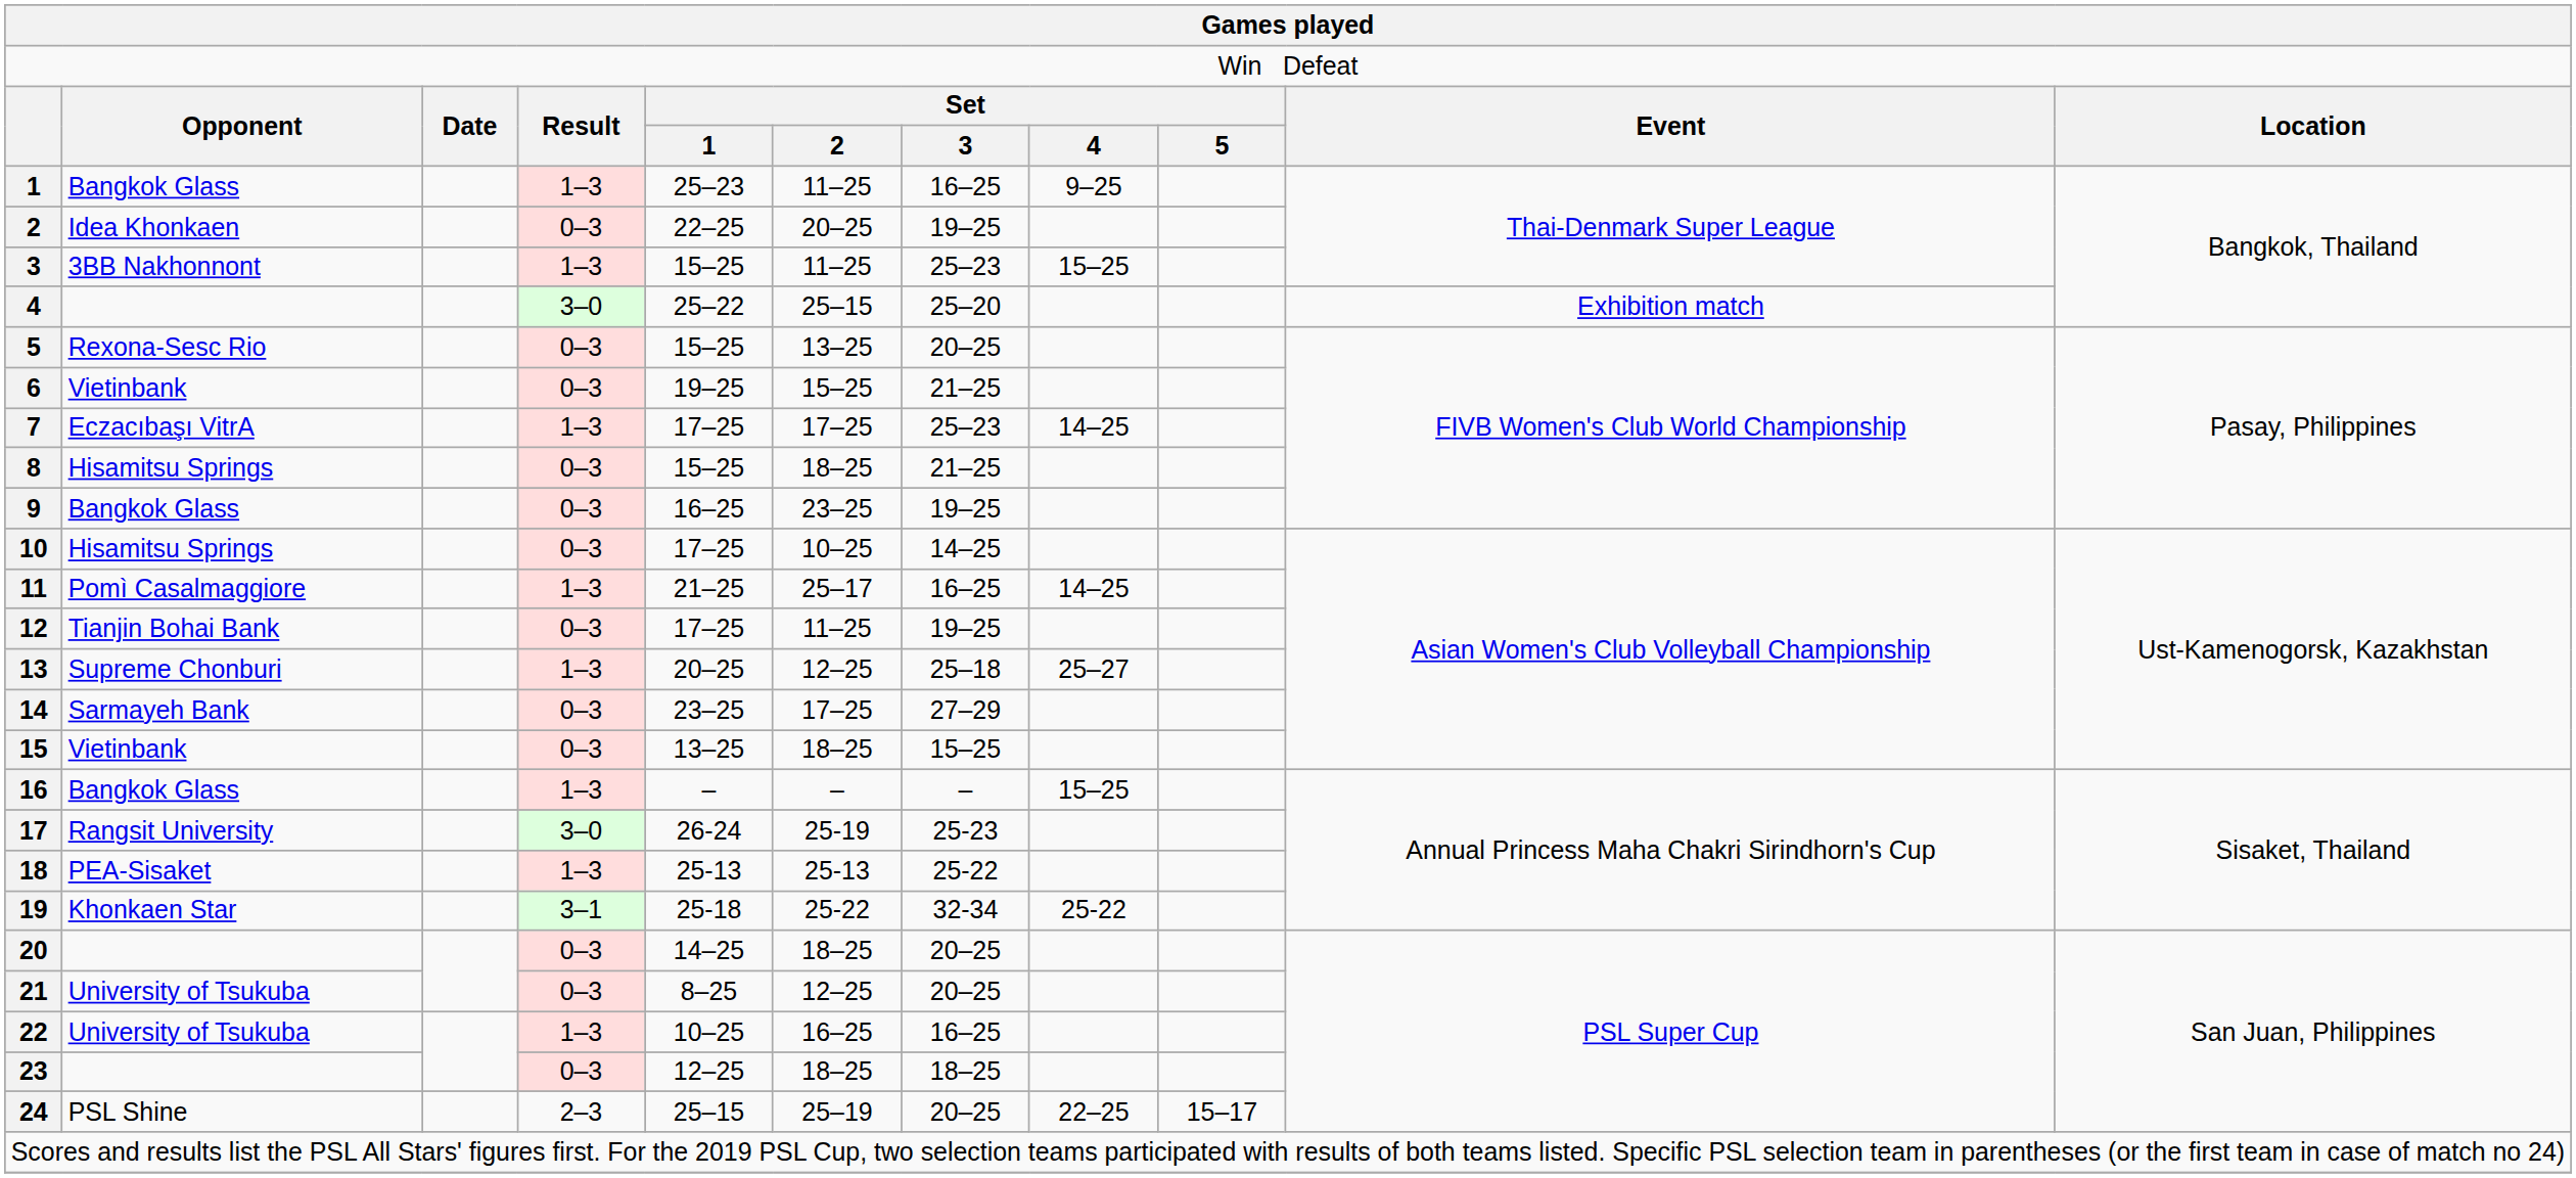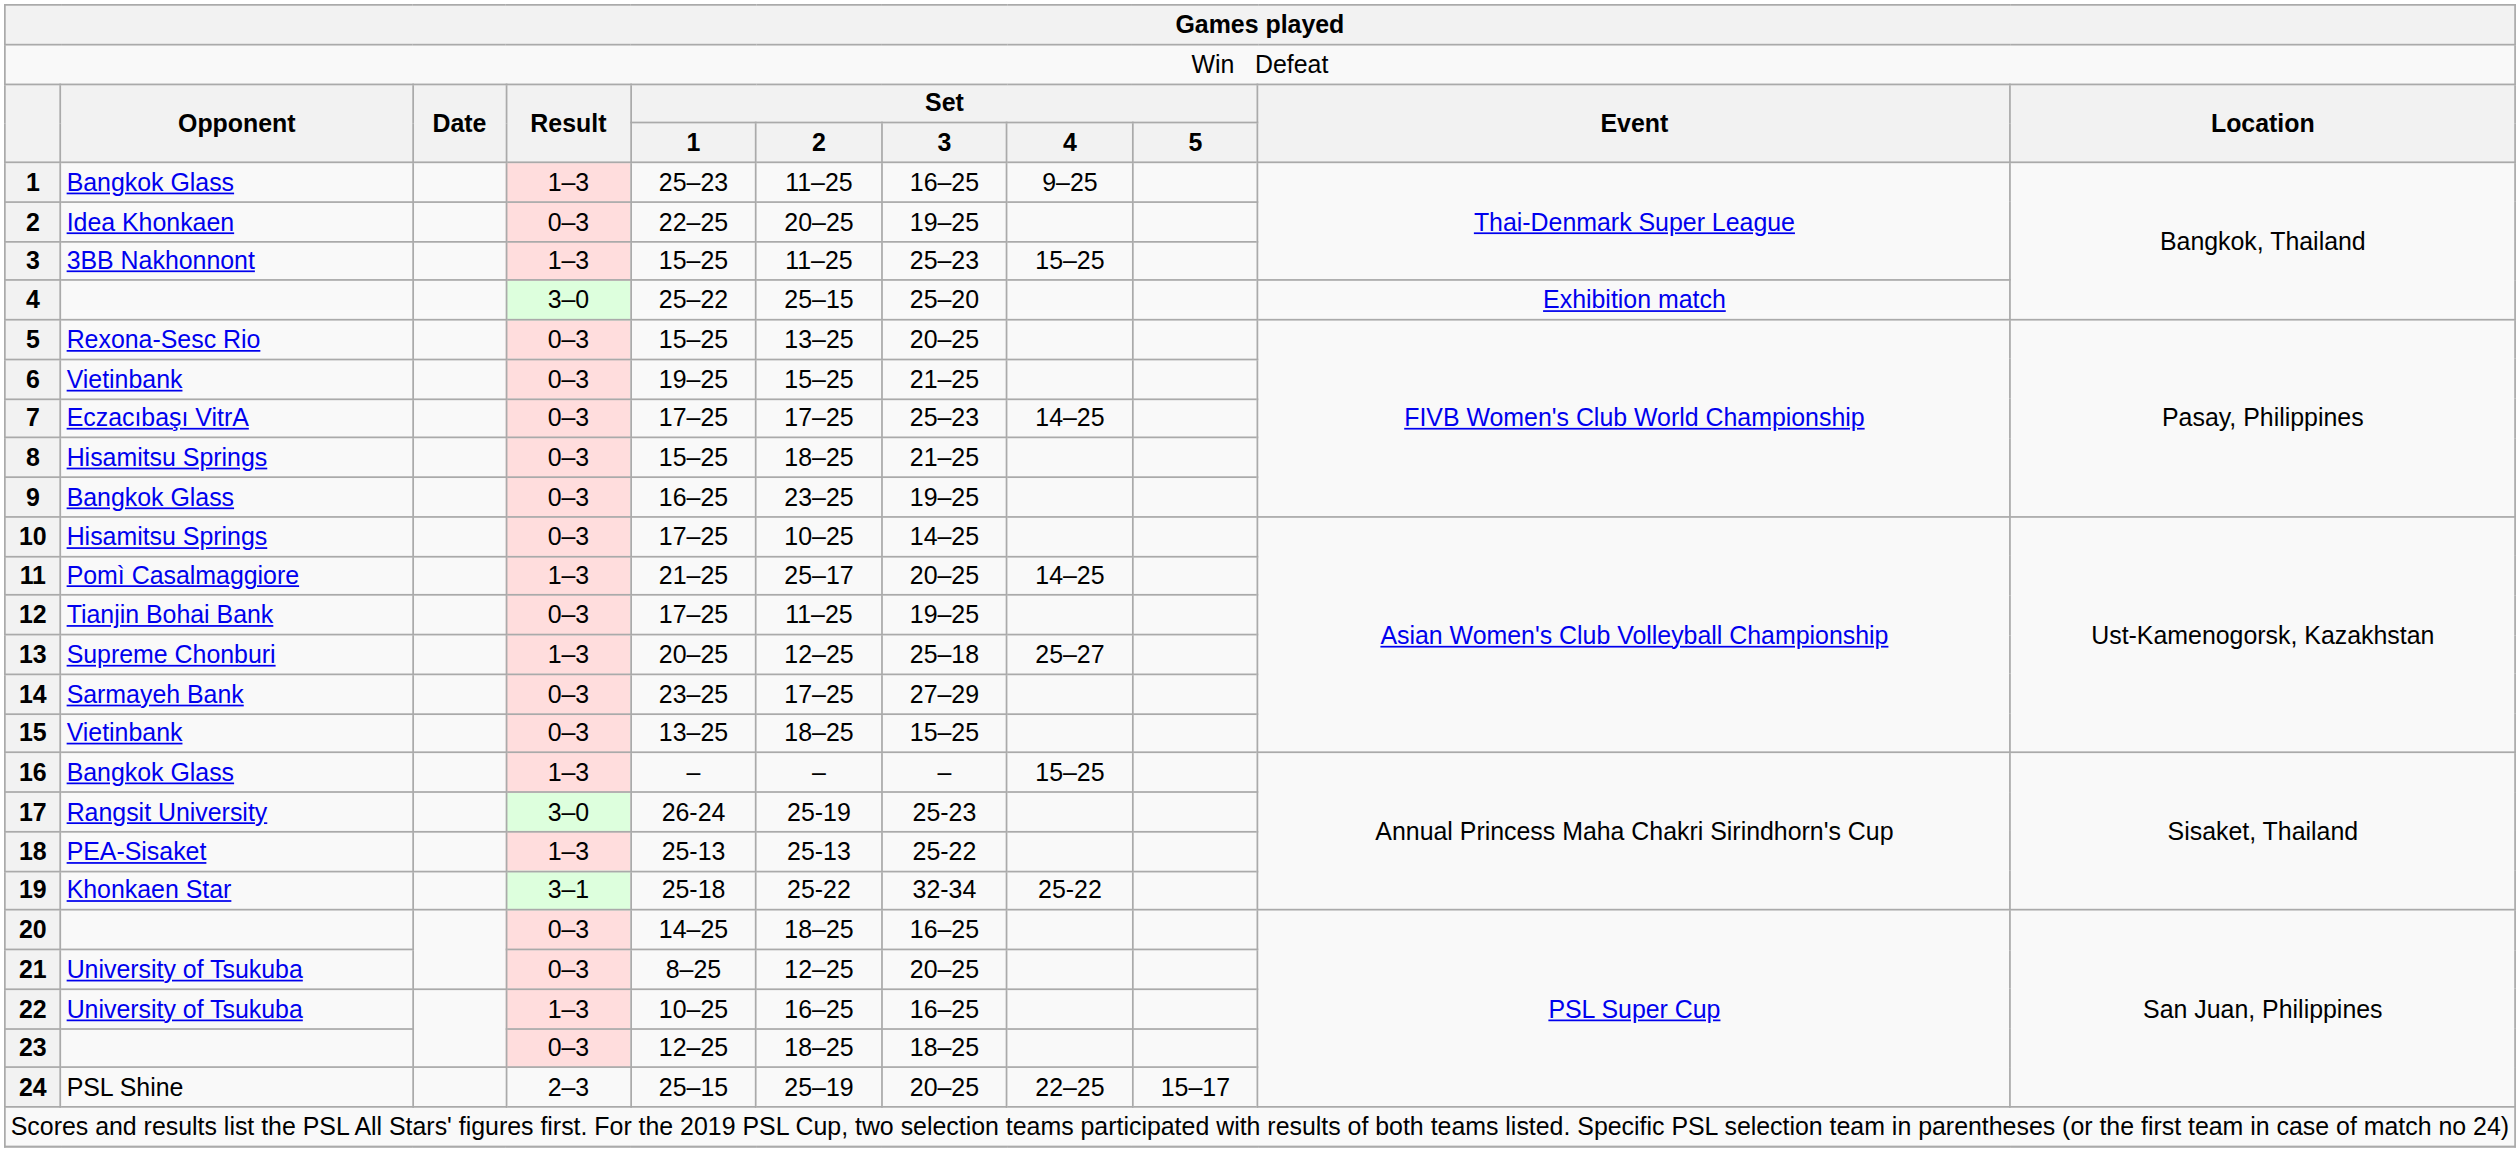 <table class="wikitable collapsible" style="font-size: 90%">
 <tr>
 <th colspan="12">Games played</th>
 </tr>
 <tr>
 <td style="text-align:center;" colspan="12"> Win   Defeat</td>
 </tr>
 <tr>
 <th rowspan=2></th>
 <th rowspan=2>Opponent</th>
 <th rowspan=2>Date</th>
 <th rowspan=2>Result</th>
 <th colspan=5>Set</th>
 <th rowspan=2>Event</th>
 <th rowspan=2>Location</th>
 </tr>
 <tr>
 <th width=5%>1</th>
 <th width=5%>2</th>
 <th width=5%>3</th>
 <th width=5%>4</th>
 <th width=5%>5</th>
 </tr>
 <tr style="text-align:center;">
 <th>1</th>
 <td style="text-align:left;"> <a href='#'>Bangkok Glass</a></td>
 <td></td>
 <td style="background:#ffdddd;">1–3</td>
 <td>25–23</td>
 <td>11–25</td>
 <td>16–25</td>
 <td>9–25</td>
 <td></td>
 <td rowspan=3><a href='#'>Thai-Denmark Super League</a></td>
 <td rowspan=4>Bangkok, Thailand</td>
 </tr>
 <tr style="text-align:center;">
 <th>2</th>
 <td style="text-align:left;"> <a href='#'>Idea Khonkaen</a></td>
 <td></td>
 <td style="background:#ffdddd;">0–3</td>
 <td>22–25</td>
 <td>20–25</td>
 <td>19–25</td>
 <td></td>
 <td></td>
 </tr>
 <tr style="text-align:center;">
 <th>3</th>
 <td style="text-align:left;"> <a href='#'>3BB Nakhonnont</a></td>
 <td></td>
 <td style="background:#ffdddd;">1–3</td>
 <td>15–25</td>
 <td>11–25</td>
 <td>25–23</td>
 <td>15–25</td>
 <td></td>
 </tr>
 <tr style="text-align:center;">
 <th>4</th>
 <td style="text-align:left;"></td>
 <td></td>
 <td style="background:#ddffdd;">3–0</td>
 <td>25–22</td>
 <td>25–15</td>
 <td>25–20</td>
 <td></td>
 <td></td>
 <td><a href='#'>Exhibition match</a></td>
 </tr>
 <tr style="text-align:center;">
 <th>5</th>
 <td style="text-align:left;"> <a href='#'>Rexona-Sesc Rio</a></td>
 <td></td>
 <td style="background:#ffdddd;">0–3</td>
 <td>15–25</td>
 <td>13–25</td>
 <td>20–25</td>
 <td></td>
 <td></td>
 <td rowspan=5><a href='#'>FIVB Women's Club World Championship</a></td>
 <td rowspan=5>Pasay, Philippines</td>
 </tr>
 <tr style="text-align:center;">
 <th>6</th>
 <td style="text-align:left;"> <a href='#'>Vietinbank</a></td>
 <td></td>
 <td style="background:#ffdddd;">0–3</td>
 <td>19–25</td>
 <td>15–25</td>
 <td>21–25</td>
 <td></td>
 <td></td>
 </tr>
 <tr style="text-align:center;">
 <th>7</th>
 <td style="text-align:left;"> <a href='#'>Eczacıbaşı VitrA</a></td>
 <td></td>
-<td style="background:#ffdddd;">1–3</td>
+<td style="background:#ffdddd;">0–3</td>
 <td>17–25</td>
 <td>17–25</td>
 <td>25–23</td>
 <td>14–25</td>
 <td></td>
 </tr>
 <tr style="text-align:center;">
 <th>8</th>
 <td style="text-align:left;"> <a href='#'>Hisamitsu Springs</a></td>
 <td></td>
 <td style="background:#ffdddd;">0–3</td>
 <td>15–25</td>
 <td>18–25</td>
 <td>21–25</td>
 <td></td>
 <td></td>
 </tr>
 <tr style="text-align:center;">
 <th>9</th>
 <td style="text-align:left;"> <a href='#'>Bangkok Glass</a></td>
 <td></td>
 <td style="background:#ffdddd;">0–3</td>
 <td>16–25</td>
 <td>23–25</td>
 <td>19–25</td>
 <td></td>
 <td></td>
 </tr>
 <tr style="text-align:center;">
 <th>10</th>
 <td style="text-align:left;"> <a href='#'>Hisamitsu Springs</a></td>
 <td></td>
 <td style="background:#ffdddd;">0–3</td>
 <td>17–25</td>
 <td>10–25</td>
 <td>14–25</td>
 <td></td>
 <td></td>
 <td rowspan=6><a href='#'>Asian Women's Club Volleyball Championship</a></td>
 <td rowspan=6>Ust-Kamenogorsk, Kazakhstan</td>
 </tr>
 <tr style="text-align:center;">
 <th>11</th>
 <td style="text-align:left;"> <a href='#'>Pomì Casalmaggiore</a></td>
 <td></td>
 <td style="background:#ffdddd;">1–3</td>
 <td>21–25</td>
 <td>25–17</td>
-<td>16–25</td>
+<td>20–25</td>
 <td>14–25</td>
 <td></td>
 </tr>
 <tr style="text-align:center;">
 <th>12</th>
 <td style="text-align:left;"> <a href='#'>Tianjin Bohai Bank</a></td>
 <td></td>
 <td style="background:#ffdddd;">0–3</td>
 <td>17–25</td>
 <td>11–25</td>
 <td>19–25</td>
 <td></td>
 <td></td>
 </tr>
 <tr style="text-align:center;">
 <th>13</th>
 <td style="text-align:left;"> <a href='#'>Supreme Chonburi</a></td>
 <td></td>
 <td style="background:#ffdddd;">1–3</td>
 <td>20–25</td>
 <td>12–25</td>
 <td>25–18</td>
 <td>25–27</td>
 <td></td>
 </tr>
 <tr style="text-align:center;">
 <th>14</th>
 <td style="text-align:left;"> <a href='#'>Sarmayeh Bank</a></td>
 <td></td>
 <td style="background:#ffdddd;">0–3</td>
 <td>23–25</td>
 <td>17–25</td>
 <td>27–29</td>
 <td></td>
 <td></td>
 </tr>
 <tr style="text-align:center;">
 <th>15</th>
 <td style="text-align:left;"> <a href='#'>Vietinbank</a></td>
 <td></td>
 <td style="background:#ffdddd;">0–3</td>
 <td>13–25</td>
 <td>18–25</td>
 <td>15–25</td>
 <td></td>
 <td></td>
 </tr>
 <tr style="text-align:center;">
 <th>16</th>
 <td style="text-align:left;"> <a href='#'>Bangkok Glass</a></td>
 <td></td>
 <td style="background:#ffdddd;">1–3</td>
 <td>–</td>
 <td>–</td>
 <td>–</td>
 <td>15–25</td>
 <td></td>
 <td rowspan=4>Annual Princess Maha Chakri Sirindhorn's Cup</td>
 <td rowspan=4>Sisaket, Thailand</td>
 </tr>
 <tr style="text-align:center;">
 <th>17</th>
 <td style="text-align:left;"> <a href='#'>Rangsit University</a></td>
 <td></td>
 <td style="background:#ddffdd;">3–0</td>
 <td>26-24</td>
 <td>25-19</td>
 <td>25-23</td>
 <td></td>
 <td></td>
 </tr>
 <tr style="text-align:center;">
 <th>18</th>
 <td style="text-align:left;"> <a href='#'>PEA-Sisaket</a></td>
 <td></td>
 <td style="background:#ffdddd;">1–3</td>
 <td>25-13</td>
 <td>25-13</td>
 <td>25-22</td>
 <td></td>
 <td></td>
 </tr>
 <tr style="text-align:center;">
 <th>19</th>
 <td style="text-align:left;"> <a href='#'>Khonkaen Star</a></td>
 <td></td>
 <td style="background:#ddffdd;">3–1</td>
 <td>25-18</td>
 <td>25-22</td>
 <td>32-34</td>
 <td>25-22</td>
 <td></td>
 </tr>
 <tr style="text-align:center;">
 <th>20</th>
 <td style="text-align:left;"> </td>
 <td rowspan=2></td>
 <td style="background:#ffdddd;">0–3</td>
 <td>14–25</td>
 <td>18–25</td>
-<td>20–25</td>
+<td>16–25</td>
 <td></td>
 <td></td>
 <td rowspan=5><a href='#'>PSL Super Cup</a></td>
 <td rowspan=5>San Juan, Philippines</td>
 </tr>
 <tr style="text-align:center;">
 <th>21</th>
 <td style="text-align:left;"> <a href='#'>University of Tsukuba</a> </td>
 <td style="background:#ffdddd;">0–3</td>
 <td>8–25</td>
 <td>12–25</td>
 <td>20–25</td>
 <td></td>
 <td></td>
 </tr>
 <tr style="text-align:center;">
 <th>22</th>
 <td style="text-align:left;"> <a href='#'>University of Tsukuba</a> </td>
 <td rowspan=2></td>
 <td style="background:#ffdddd;">1–3</td>
 <td>10–25</td>
 <td>16–25</td>
 <td>16–25</td>
 <td></td>
 <td></td>
 </tr>
 <tr style="text-align:center;">
 <th>23</th>
 <td style="text-align:left;"> </td>
 <td style="background:#ffdddd;">0–3</td>
 <td>12–25</td>
 <td>18–25</td>
 <td>18–25</td>
 <td></td>
 <td></td>
 </tr>
 <tr style="text-align:center;">
 <th>24</th>
 <td style="text-align:left;"> PSL Shine </td>
 <td></td>
 <td>2–3</td>
 <td>25–15</td>
 <td>25–19</td>
 <td>20–25</td>
 <td>22–25</td>
 <td>15–17</td>
 </tr>
 <tr>
 <td style="text-align:center;" colspan="12">Scores and results list the PSL All Stars' figures first. For the 2019 PSL Cup, two selection teams participated with results of both teams listed. Specific PSL selection team in parentheses (or the first team in case of match no 24)</td>
 </tr>
 <tr>
 </tr>
 </table>
